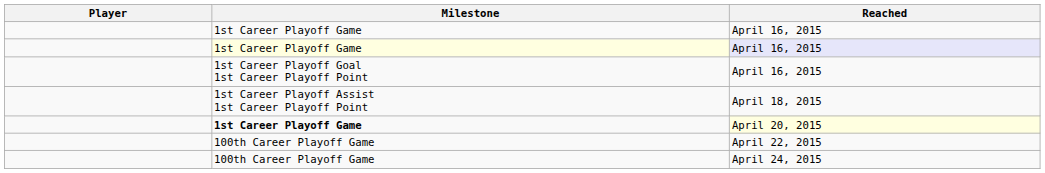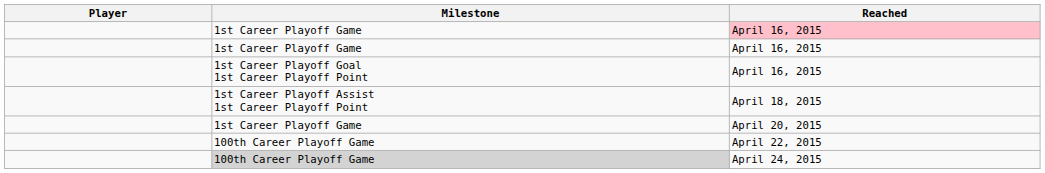 <table class="wikitable sortable" style="width:100%;">
 <tr align=center>
 <th style="width:20%;">Player</th>
 <th style="width:50%;">Milestone</th>
 <th style="width:30%;" data-sort-type="date">Reached</th>
 </tr>
 <tr>
 <td></td>
 <td>1st Career Playoff Game</td>
-<td>April 16, 2015</td>
+<td style="background: pink;">April 16, 2015</td>
 </tr>
 <tr>
 <td></td>
-<td style="background: lightyellow;">1st Career Playoff Game</td>
-<td style="background: lavender;">April 16, 2015</td>
+<td>1st Career Playoff Game</td>
+<td>April 16, 2015</td>
 </tr>
 <tr>
 <td></td>
 <td>1st Career Playoff Goal<br>1st Career Playoff Point</td>
 <td>April 16, 2015</td>
 </tr>
 <tr>
 <td></td>
 <td>1st Career Playoff Assist<br>1st Career Playoff Point</td>
 <td>April 18, 2015</td>
 </tr>
 <tr>
 <td></td>
-<td><strong>1st Career Playoff Game</strong></td>
-<td style="background: lightyellow;">April 20, 2015</td>
+<td>1st Career Playoff Game</td>
+<td>April 20, 2015</td>
 </tr>
 <tr>
 <td></td>
 <td>100th Career Playoff Game</td>
 <td>April 22, 2015</td>
 </tr>
 <tr>
 <td></td>
-<td>100th Career Playoff Game</td>
+<td style="background: lightgrey;">100th Career Playoff Game</td>
 <td>April 24, 2015</td>
 </tr>
 </table>
